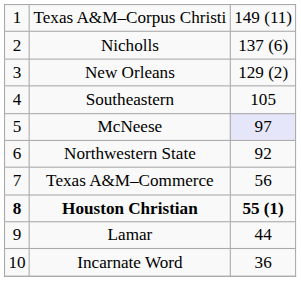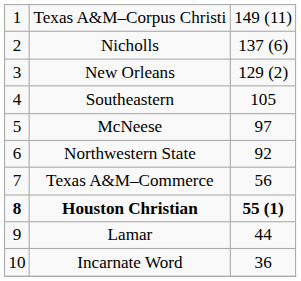 <table class="wikitable">
 <tr align="center">
 <td>1</td>
 <td>Texas A&M–Corpus Christi</td>
 <td>149 (11)</td>
 </tr>
 <tr align="center">
 <td>2</td>
 <td>Nicholls</td>
 <td>137 (6)</td>
 </tr>
 <tr align="center">
 <td>3</td>
 <td>New Orleans</td>
 <td>129 (2)</td>
 </tr>
 <tr align="center">
 <td>4</td>
 <td>Southeastern</td>
 <td>105</td>
 </tr>
 <tr align="center">
 <td>5</td>
 <td>McNeese</td>
-<td style="background: lavender;">97</td>
+<td>97</td>
 </tr>
 <tr align="center">
 <td>6</td>
 <td>Northwestern State</td>
 <td>92</td>
 </tr>
 <tr align="center">
 <td>7</td>
 <td>Texas A&M–Commerce</td>
 <td>56</td>
 </tr>
 <tr align="center">
 <td><strong>8</strong></td>
 <td><strong>Houston Christian</strong></td>
 <td><strong>55 (1)</strong></td>
 </tr>
 <tr align="center">
 <td>9</td>
 <td>Lamar</td>
 <td>44</td>
 </tr>
 <tr align="center">
 <td>10</td>
 <td>Incarnate Word</td>
 <td>36</td>
 </tr>
 <tr align="center">
 </tr>
 </table>
